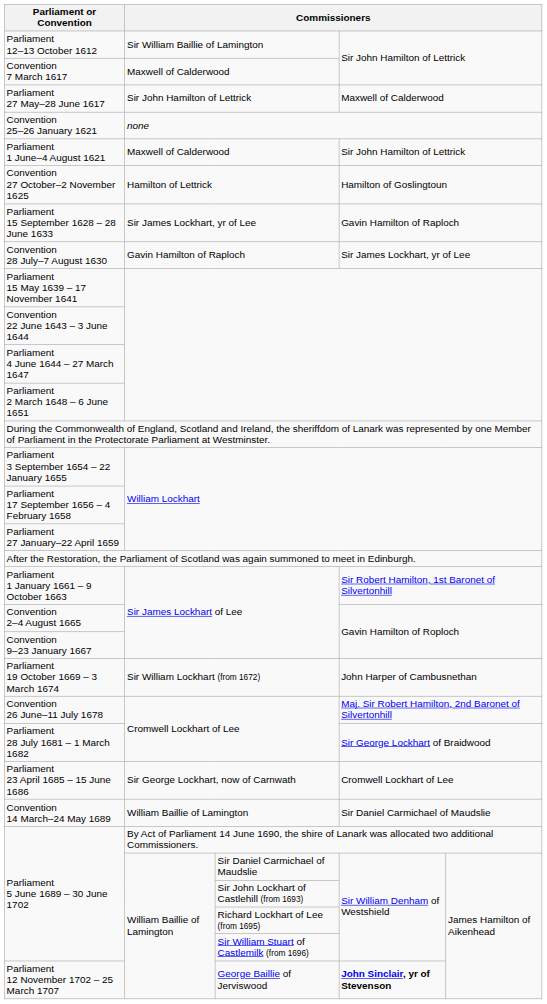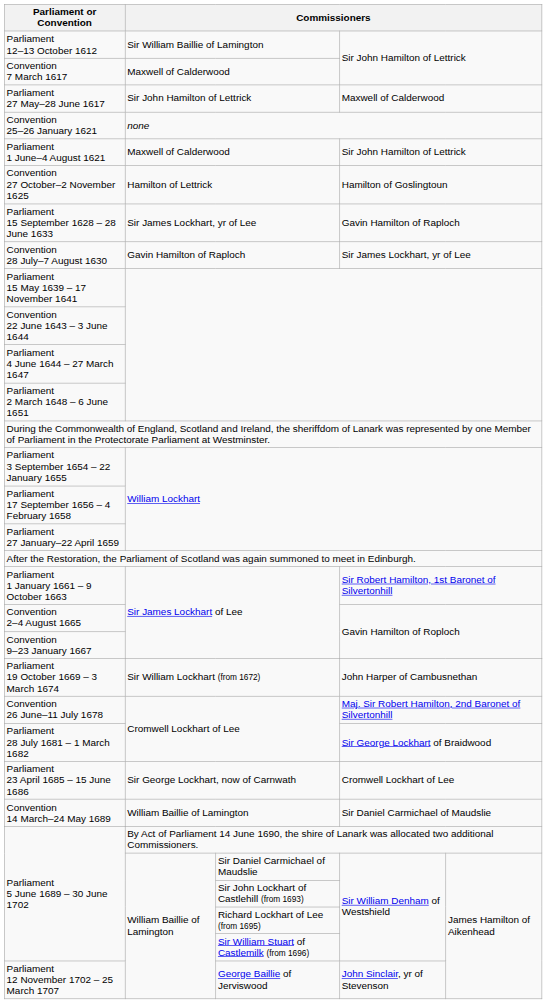 <table class="wikitable">
 <tr>
 <th>Parliament or Convention</th>
 <th colspan=4>Commissioners</th>
 </tr>
 <tr>
 <td>Parliament<br>12–13 October 1612</td>
 <td colspan=2>Sir William Baillie of Lamington</td>
 <td colspan=2 rowspan=2>Sir John Hamilton of Lettrick</td>
 </tr>
 <tr>
 <td>Convention<br>7 March 1617</td>
 <td colspan=2>Maxwell of Calderwood</td>
 </tr>
 <tr>
 <td>Parliament<br>27 May–28 June 1617</td>
 <td colspan=2>Sir John Hamilton of Lettrick</td>
 <td colspan=2>Maxwell of Calderwood</td>
 </tr>
 <tr>
 <td>Convention<br>25–26 January 1621</td>
 <td colspan=4><em>none</em></td>
 </tr>
 <tr>
 <td>Parliament<br>1 June–4 August 1621</td>
 <td colspan=2>Maxwell of Calderwood</td>
 <td colspan=2>Sir John Hamilton of Lettrick</td>
 </tr>
 <tr>
 <td>Convention<br>27 October–2 November 1625</td>
 <td colspan=2>Hamilton of Lettrick</td>
 <td colspan=2>Hamilton of Goslingtoun</td>
 </tr>
 <tr>
 <td>Parliament<br>15 September 1628 – 28 June 1633</td>
 <td colspan=2>Sir James Lockhart, yr of Lee</td>
 <td colspan=2>Gavin Hamilton of Raploch</td>
 </tr>
 <tr>
 <td>Convention<br>28 July–7 August 1630</td>
 <td colspan=2>Gavin Hamilton of Raploch</td>
 <td colspan=2>Sir James Lockhart, yr of Lee</td>
 </tr>
 <tr>
 <td>Parliament<br>15 May 1639 – 17 November 1641</td>
 <td colspan=4 rowspan=4></td>
 </tr>
 <tr>
 <td>Convention<br>22 June 1643 – 3 June 1644</td>
 </tr>
 <tr>
 <td>Parliament<br>4 June 1644 – 27 March 1647</td>
 </tr>
 <tr>
 <td>Parliament<br>2 March 1648 – 6 June 1651</td>
 </tr>
 <tr>
 <td colspan=5>During the Commonwealth of England, Scotland and Ireland, the sheriffdom of Lanark was represented by one Member of Parliament in the Protectorate Parliament at Westminster.</td>
 </tr>
 <tr>
 <td>Parliament<br>3 September 1654 – 22 January 1655</td>
 <td rowspan=3 colspan=4><a href='#'>William Lockhart</a></td>
 </tr>
 <tr>
 <td>Parliament<br>17 September 1656 – 4 February 1658</td>
 </tr>
 <tr>
 <td>Parliament<br>27 January–22 April 1659</td>
 </tr>
 <tr>
 <td colspan=5>After the Restoration, the Parliament of Scotland was again summoned to meet in Edinburgh.</td>
 </tr>
 <tr>
 <td>Parliament<br>1 January 1661 – 9 October 1663</td>
 <td rowspan=4 colspan=2><a href='#'>Sir James Lockhart</a> of Lee</td>
 <td colspan=2><a href='#'>Sir Robert Hamilton, 1st Baronet of Silvertonhill</a></td>
 </tr>
 <tr>
 <td>Convention<br>2–4 August 1665</td>
 <td rowspan=2 colspan=2>Gavin Hamilton of Roploch</td>
 </tr>
 <tr>
 <td>Convention<br>9–23 January 1667</td>
 </tr>
 <tr>
 <td rowspan=2>Parliament<br>19 October 1669 – 3 March 1674</td>
 <td rowspan=2 colspan=2>John Harper of Cambusnethan</td>
 </tr>
 <tr>
 <td colspan=2>Sir William Lockhart <small>(from 1672)</small></td>
 </tr>
 <tr>
 <td>Convention<br>26 June–11 July 1678</td>
 <td rowspan=2 colspan=2>Cromwell Lockhart of Lee</td>
 <td colspan=2><a href='#'>Maj. Sir Robert Hamilton, 2nd Baronet of Silvertonhill</a></td>
 </tr>
 <tr>
 <td>Parliament<br>28 July 1681 – 1 March 1682</td>
 <td colspan=2><a href='#'>Sir George Lockhart</a> of Braidwood</td>
 </tr>
 <tr>
 <td>Parliament<br>23 April 1685 – 15 June 1686</td>
 <td colspan=2>Sir George Lockhart, now of Carnwath</td>
 <td colspan=2>Cromwell Lockhart of Lee</td>
 </tr>
 <tr>
 <td>Convention<br>14 March–24 May 1689</td>
 <td rowspan=2 colspan=2>William Baillie of Lamington</td>
 <td rowspan=2 colspan=2>Sir Daniel Carmichael of Maudslie</td>
 </tr>
 <tr>
 <td rowspan=6>Parliament<br>5 June 1689 – 30 June 1702</td>
 </tr>
 <tr>
 <td colspan=4>By Act of Parliament 14 June 1690, the shire of Lanark was allocated two additional Commissioners.</td>
 </tr>
 <tr>
 <td rowspan=5>William Baillie of Lamington</td>
 <td>Sir Daniel Carmichael of Maudslie</td>
 <td rowspan=4><a href='#'>Sir William Denham</a> of Westshield</td>
 <td rowspan=5>James Hamilton of Aikenhead</td>
 </tr>
 <tr>
 <td>Sir John Lockhart of Castlehill <small>(from 1693)</small></td>
 </tr>
 <tr>
 <td>Richard Lockhart of Lee <small>(from 1695)</small></td>
 </tr>
 <tr>
 <td><a href='#'>Sir William Stuart</a> of <a href='#'>Castlemilk</a> <small>(from 1696)</small></td>
 </tr>
 <tr>
 <td>Parliament<br>12 November 1702 – 25 March 1707</td>
 <td><a href='#'>George Baillie</a> of Jerviswood</td>
-<td><strong><a href='#'>John Sinclair</a>, yr of Stevenson</strong></td>
+<td><a href='#'>John Sinclair</a>, yr of Stevenson</td>
 </tr>
 </table>
